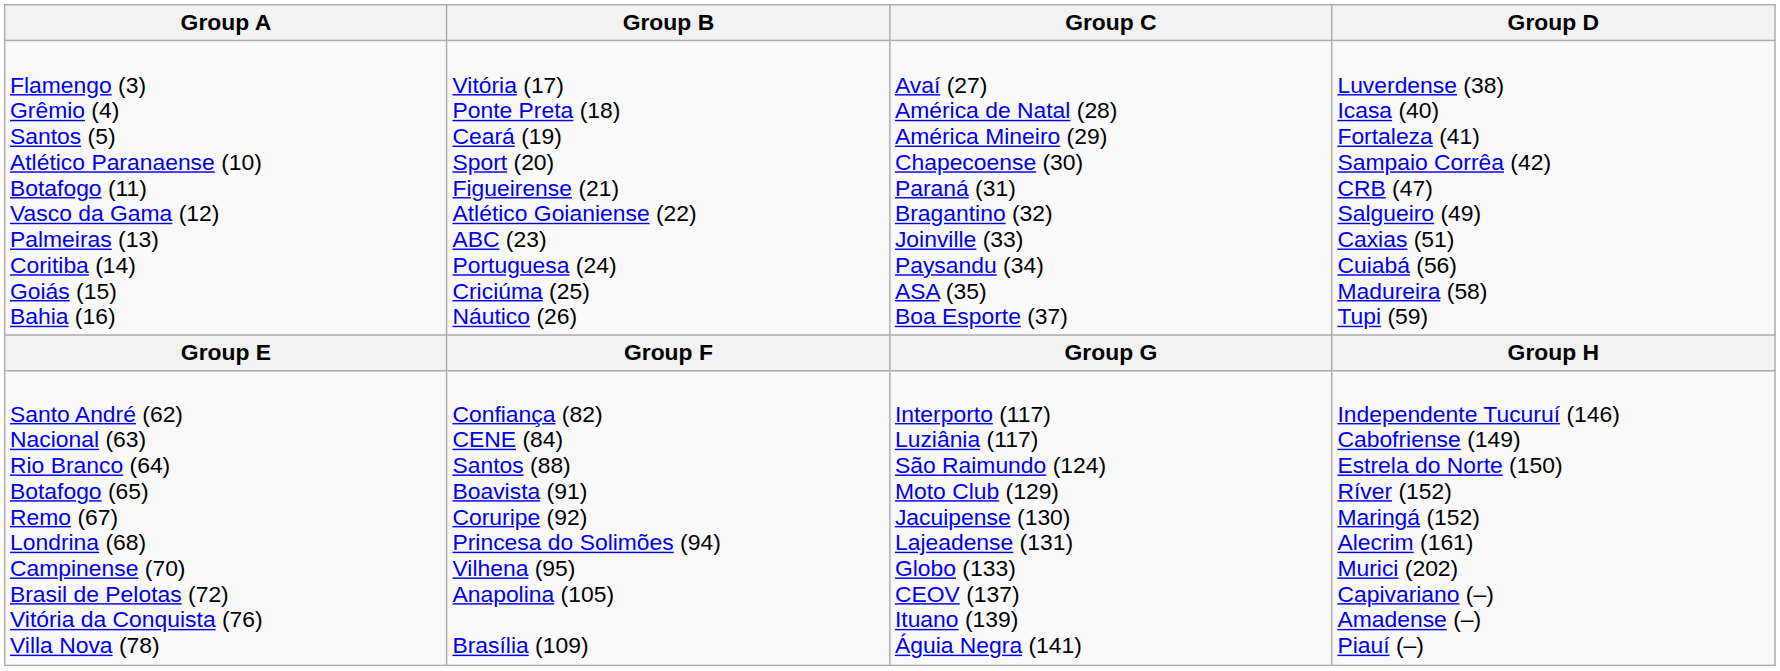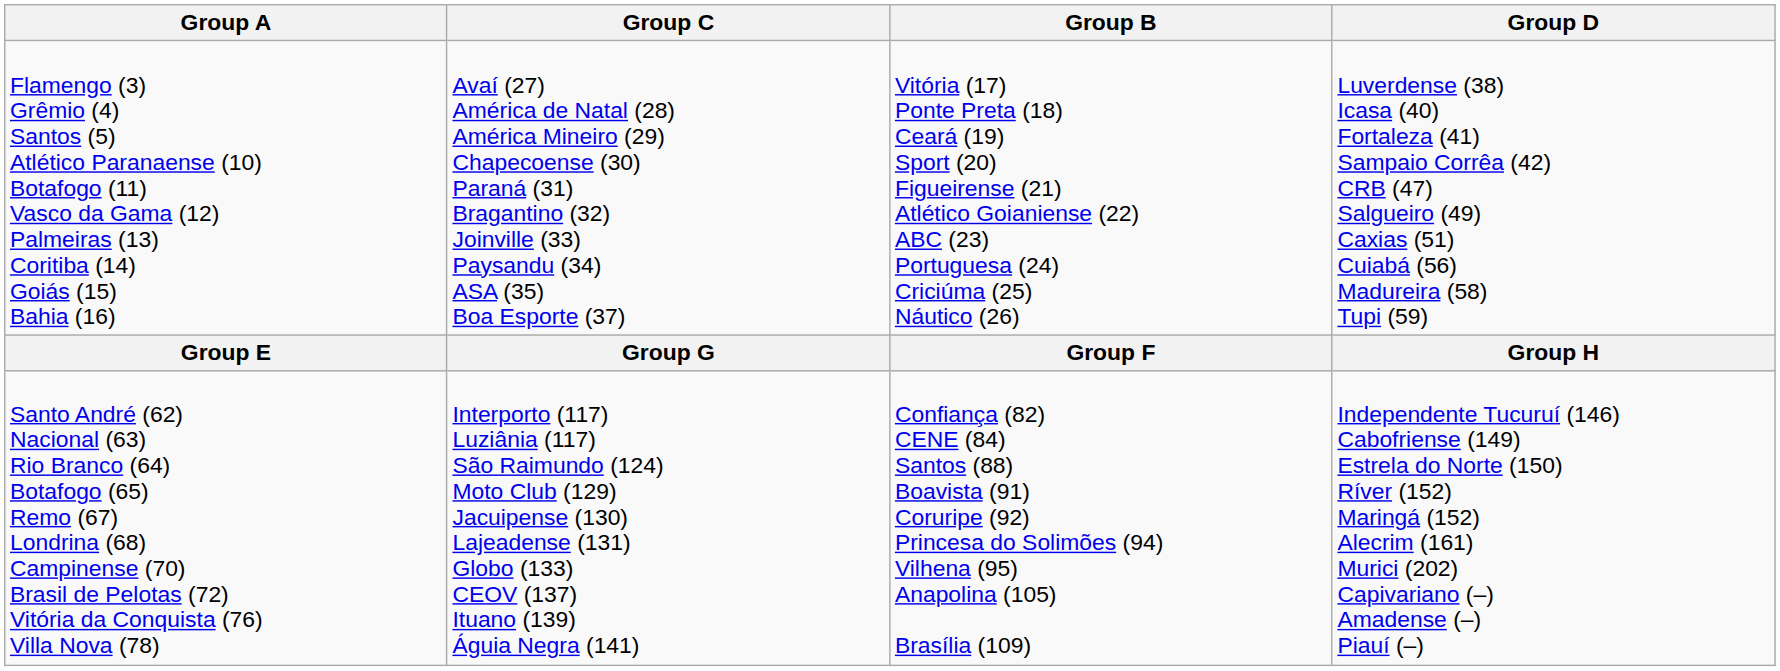 <table class="wikitable" width=98%>
 <tr>
 <th width=25%><strong>Group A</strong></th>
+<th width=25%><strong>Group C</strong></th>
 <th width=25%><strong>Group B</strong></th>
-<th width=25%><strong>Group C</strong></th>
 <th width=25%><strong>Group D</strong></th>
 </tr>
 <tr>
 <td><br> <a href='#'>Flamengo</a> (3)<br>  <a href='#'>Grêmio</a> (4)<br>  <a href='#'>Santos</a> (5)<br>  <a href='#'>Atlético Paranaense</a> (10)<br>  <a href='#'>Botafogo</a> (11)<br>  <a href='#'>Vasco da Gama</a> (12)<br>  <a href='#'>Palmeiras</a> (13)<br>  <a href='#'>Coritiba</a> (14)<br>  <a href='#'>Goiás</a> (15)<br>  <a href='#'>Bahia</a> (16)</td>
+<td><br> <a href='#'>Avaí</a> (27)<br>  <a href='#'>América de Natal</a> (28)<br>  <a href='#'>América Mineiro</a> (29)<br>  <a href='#'>Chapecoense</a> (30)<br>  <a href='#'>Paraná</a> (31)<br>  <a href='#'>Bragantino</a> (32)<br>  <a href='#'>Joinville</a> (33)<br>  <a href='#'>Paysandu</a> (34)<br>  <a href='#'>ASA</a> (35)<br>  <a href='#'>Boa Esporte</a> (37)</td>
 <td><br> <a href='#'>Vitória</a> (17)<br>  <a href='#'>Ponte Preta</a> (18)<br>  <a href='#'>Ceará</a> (19)<br>  <a href='#'>Sport</a> (20)<br>  <a href='#'>Figueirense</a> (21)<br>  <a href='#'>Atlético Goianiense</a> (22)<br>  <a href='#'>ABC</a> (23)<br>  <a href='#'>Portuguesa</a> (24)<br>  <a href='#'>Criciúma</a> (25)<br>  <a href='#'>Náutico</a> (26)</td>
-<td><br> <a href='#'>Avaí</a> (27)<br>  <a href='#'>América de Natal</a> (28)<br>  <a href='#'>América Mineiro</a> (29)<br>  <a href='#'>Chapecoense</a> (30)<br>  <a href='#'>Paraná</a> (31)<br>  <a href='#'>Bragantino</a> (32)<br>  <a href='#'>Joinville</a> (33)<br>  <a href='#'>Paysandu</a> (34)<br>  <a href='#'>ASA</a> (35)<br>  <a href='#'>Boa Esporte</a> (37)</td>
 <td><br> <a href='#'>Luverdense</a> (38)<br>  <a href='#'>Icasa</a> (40)<br>  <a href='#'>Fortaleza</a> (41)<br>  <a href='#'>Sampaio Corrêa</a> (42)<br>  <a href='#'>CRB</a> (47)<br>  <a href='#'>Salgueiro</a> (49)<br>  <a href='#'>Caxias</a> (51)<br>  <a href='#'>Cuiabá</a> (56)<br>  <a href='#'>Madureira</a> (58)<br>  <a href='#'>Tupi</a> (59)</td>
 </tr>
 <tr>
 <th width=25%><strong>Group E</strong></th>
+<th width=25%><strong>Group G</strong></th>
 <th width=25%><strong>Group F</strong></th>
-<th width=25%><strong>Group G</strong></th>
 <th width=25%><strong>Group H</strong></th>
 </tr>
 <tr>
 <td><br> <a href='#'>Santo André</a> (62)<br>  <a href='#'>Nacional</a> (63)<br>  <a href='#'>Rio Branco</a> (64)<br>  <a href='#'>Botafogo</a> (65)<br>  <a href='#'>Remo</a> (67)<br>  <a href='#'>Londrina</a> (68)<br>  <a href='#'>Campinense</a> (70)<br>  <a href='#'>Brasil de Pelotas</a> (72)<br>  <a href='#'>Vitória da Conquista</a> (76)<br>  <a href='#'>Villa Nova</a> (78)</td>
+<td><br> <a href='#'>Interporto</a> (117)<br>  <a href='#'>Luziânia</a> (117)<br>  <a href='#'>São Raimundo</a> (124)<br>  <a href='#'>Moto Club</a> (129)<br>  <a href='#'>Jacuipense</a> (130)<br>  <a href='#'>Lajeadense</a> (131)<br>  <a href='#'>Globo</a> (133)<br>  <a href='#'>CEOV</a> (137)<br>  <a href='#'>Ituano</a> (139)<br>  <a href='#'>Águia Negra</a> (141)</td>
 <td><br> <a href='#'>Confiança</a> (82)<br>  <a href='#'>CENE</a> (84)<br>  <a href='#'>Santos</a> (88)<br>  <a href='#'>Boavista</a> (91)<br>  <a href='#'>Coruripe</a> (92)<br>  <a href='#'>Princesa do Solimões</a> (94)<br>  <a href='#'>Vilhena</a> (95)<br>  <a href='#'>Anapolina</a> (105)<br> <br>  <a href='#'>Brasília</a> (109)</td>
-<td><br> <a href='#'>Interporto</a> (117)<br>  <a href='#'>Luziânia</a> (117)<br>  <a href='#'>São Raimundo</a> (124)<br>  <a href='#'>Moto Club</a> (129)<br>  <a href='#'>Jacuipense</a> (130)<br>  <a href='#'>Lajeadense</a> (131)<br>  <a href='#'>Globo</a> (133)<br>  <a href='#'>CEOV</a> (137)<br>  <a href='#'>Ituano</a> (139)<br>  <a href='#'>Águia Negra</a> (141)</td>
 <td><br> <a href='#'>Independente Tucuruí</a> (146)<br>  <a href='#'>Cabofriense</a> (149)<br>  <a href='#'>Estrela do Norte</a> (150)<br>  <a href='#'>Ríver</a> (152)<br>  <a href='#'>Maringá</a> (152)<br>  <a href='#'>Alecrim</a> (161)<br>  <a href='#'>Murici</a> (202)<br>  <a href='#'>Capivariano</a> (–)<br>  <a href='#'>Amadense</a> (–)<br>  <a href='#'>Piauí</a> (–)</td>
 </tr>
 </table>
